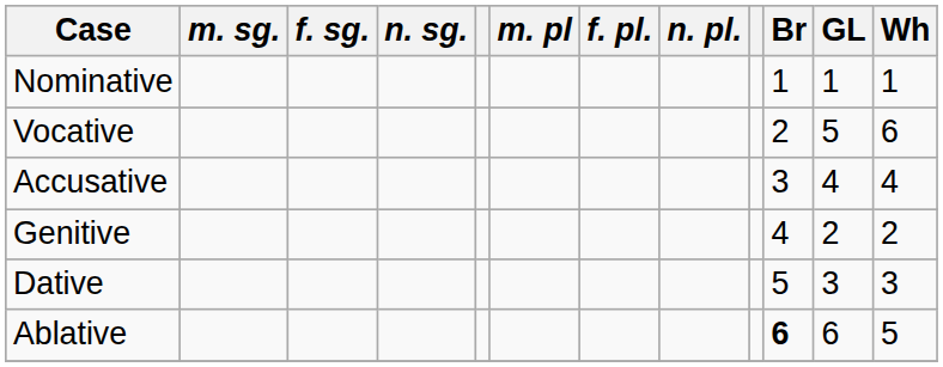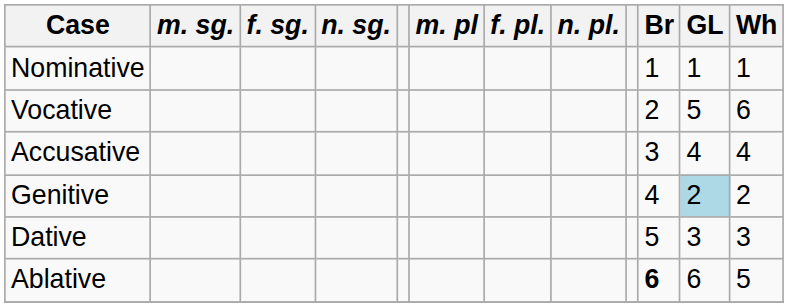 <table class="wikitable sortable">
 <tr>
 <th class=unsortable>Case</th>
 <th class=unsortable><em>m. sg.</em></th>
 <th class=unsortable><em>f. sg.</em></th>
 <th class=unsortable><em>n. sg.</em></th>
 <th class=unsortable></th>
 <th class=unsortable><em>m. pl</em></th>
 <th class=unsortable><em>f. pl.</em></th>
 <th class=unsortable><em>n. pl.</em></th>
 <th class=unsortable></th>
 <th>Br</th>
 <th>GL</th>
 <th>Wh</th>
 </tr>
 <tr>
 <td>Nominative</td>
 <td><strong></strong></td>
 <td><strong></strong></td>
 <td><strong></strong></td>
 <td></td>
 <td><strong></strong></td>
 <td><strong></strong></td>
 <td><strong></strong></td>
 <td></td>
 <td>1</td>
 <td>1</td>
 <td>1</td>
 </tr>
 <tr>
 <td>Vocative</td>
 <td><strong></strong></td>
 <td><strong></strong></td>
 <td><strong></strong></td>
 <td></td>
 <td><strong></strong></td>
 <td><strong></strong></td>
 <td><strong></strong></td>
 <td></td>
 <td>2</td>
 <td>5</td>
 <td>6</td>
 </tr>
 <tr>
 <td>Accusative</td>
 <td><strong></strong></td>
 <td><strong></strong></td>
 <td><strong></strong></td>
 <td></td>
 <td><strong></strong></td>
 <td><strong></strong></td>
 <td><strong></strong></td>
 <td></td>
 <td>3</td>
 <td>4</td>
 <td>4</td>
 </tr>
 <tr>
 <td>Genitive</td>
 <td><strong></strong></td>
 <td><strong></strong></td>
 <td><strong></strong></td>
 <td></td>
 <td><strong></strong></td>
 <td><strong></strong></td>
 <td><strong></strong></td>
 <td></td>
 <td>4</td>
-<td>2</td>
+<td style="background: lightblue;">2</td>
 <td>2</td>
 </tr>
 <tr>
 <td>Dative</td>
 <td><strong></strong></td>
 <td><strong></strong></td>
 <td><strong></strong></td>
 <td></td>
 <td><strong></strong></td>
 <td><strong></strong></td>
 <td><strong></strong></td>
 <td></td>
 <td>5</td>
 <td>3</td>
 <td>3</td>
 </tr>
 <tr>
 <td>Ablative</td>
 <td><strong></strong></td>
 <td><strong></strong></td>
 <td><strong></strong></td>
 <td></td>
 <td><strong></strong></td>
 <td><strong></strong></td>
 <td><strong></strong></td>
 <td></td>
 <td><strong>6</strong></td>
 <td>6</td>
 <td>5</td>
 </tr>
 <tr>
 </tr>
 </table>
